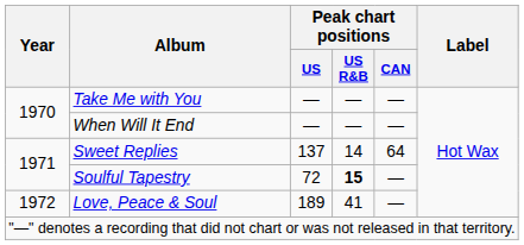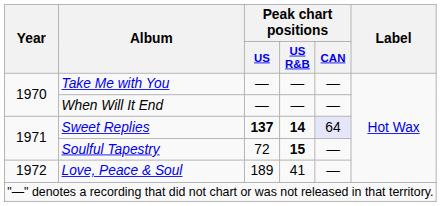 <table class="wikitable" style="text-align:center;">
 <tr>
 <th rowspan="2">Year</th>
 <th rowspan="2">Album</th>
 <th colspan="3">Peak chart positions</th>
 <th rowspan="2">Label</th>
 </tr>
 <tr style="font-size:smaller;">
 <th width="35"><a href='#'>US</a><br></th>
 <th width="35"><a href='#'>US<br>R&B</a><br></th>
 <th width="35"><a href='#'>CAN</a><br></th>
 </tr>
 <tr>
 <td rowspan="2">1970</td>
 <td align="left"><em><a href='#'>Take Me with You</a></em></td>
 <td>—</td>
 <td>—</td>
 <td>—</td>
 <td rowspan="5"><a href='#'>Hot Wax</a></td>
 </tr>
 <tr>
 <td align="left"><em>When Will It End</em> </td>
 <td>—</td>
 <td>—</td>
 <td>—</td>
 </tr>
 <tr>
 <td rowspan="2">1971</td>
 <td align="left"><em><a href='#'>Sweet Replies</a></em></td>
-<td>137</td>
-<td>14</td>
-<td>64</td>
+<td><strong>137</strong></td>
+<td><strong>14</strong></td>
+<td style="background: lavender;">64</td>
 </tr>
 <tr>
 <td align="left"><em><a href='#'>Soulful Tapestry</a></em></td>
 <td>72</td>
 <td><strong>15</strong></td>
 <td>—</td>
 </tr>
 <tr>
 <td rowspan="1">1972</td>
 <td align="left"><em><a href='#'>Love, Peace & Soul</a></em></td>
 <td>189</td>
 <td>41</td>
 <td>—</td>
 </tr>
 <tr>
 <td colspan="15" style="font-size:90%">"—" denotes a recording that did not chart or was not released in that territory.</td>
 </tr>
 </table>
